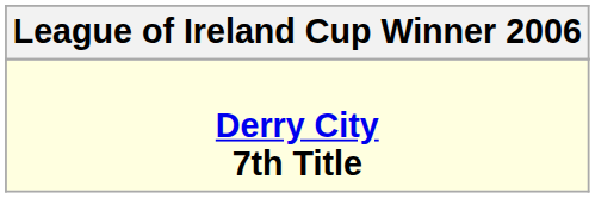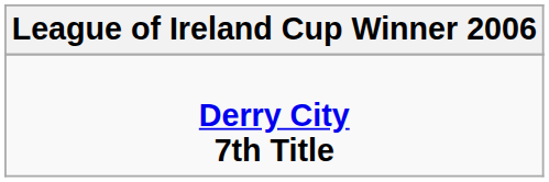 <table class="wikitable" style="text-align: center; margin: 0 auto;">
 <tr>
 <th>League of Ireland Cup Winner 2006</th>
 </tr>
 <tr>
 </tr>
 <tr>
-<td style="background: lightyellow;"><br><strong><a href='#'>Derry City</a></strong><br><strong>7th Title</strong></td>
+<td><br><strong><a href='#'>Derry City</a></strong><br><strong>7th Title</strong></td>
 </tr>
 </table>
